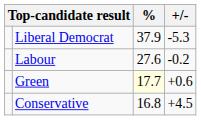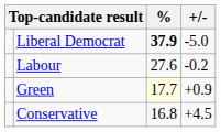 <table class="wikitable">
 <tr>
 <th colspan="2">Top-candidate result</th>
 <th>%</th>
 <th>+/-</th>
 </tr>
 <tr>
 <td style="background-color: "></td>
 <td><a href='#'>Liberal Democrat</a></td>
-<td>37.9</td>
-<td>-5.3</td>
+<td><strong>37.9</strong></td>
+<td>-5.0</td>
 </tr>
 <tr>
 <td style="background-color: "></td>
 <td><a href='#'>Labour</a></td>
 <td>27.6</td>
 <td>-0.2</td>
 </tr>
 <tr>
 <td style="background-color: "></td>
 <td><a href='#'>Green</a></td>
 <td style="background: lightyellow;">17.7</td>
-<td>+0.6</td>
+<td>+0.9</td>
 </tr>
 <tr>
 <td style="background-color: "></td>
 <td><a href='#'>Conservative</a></td>
 <td>16.8</td>
 <td>+4.5</td>
 </tr>
 </table>
